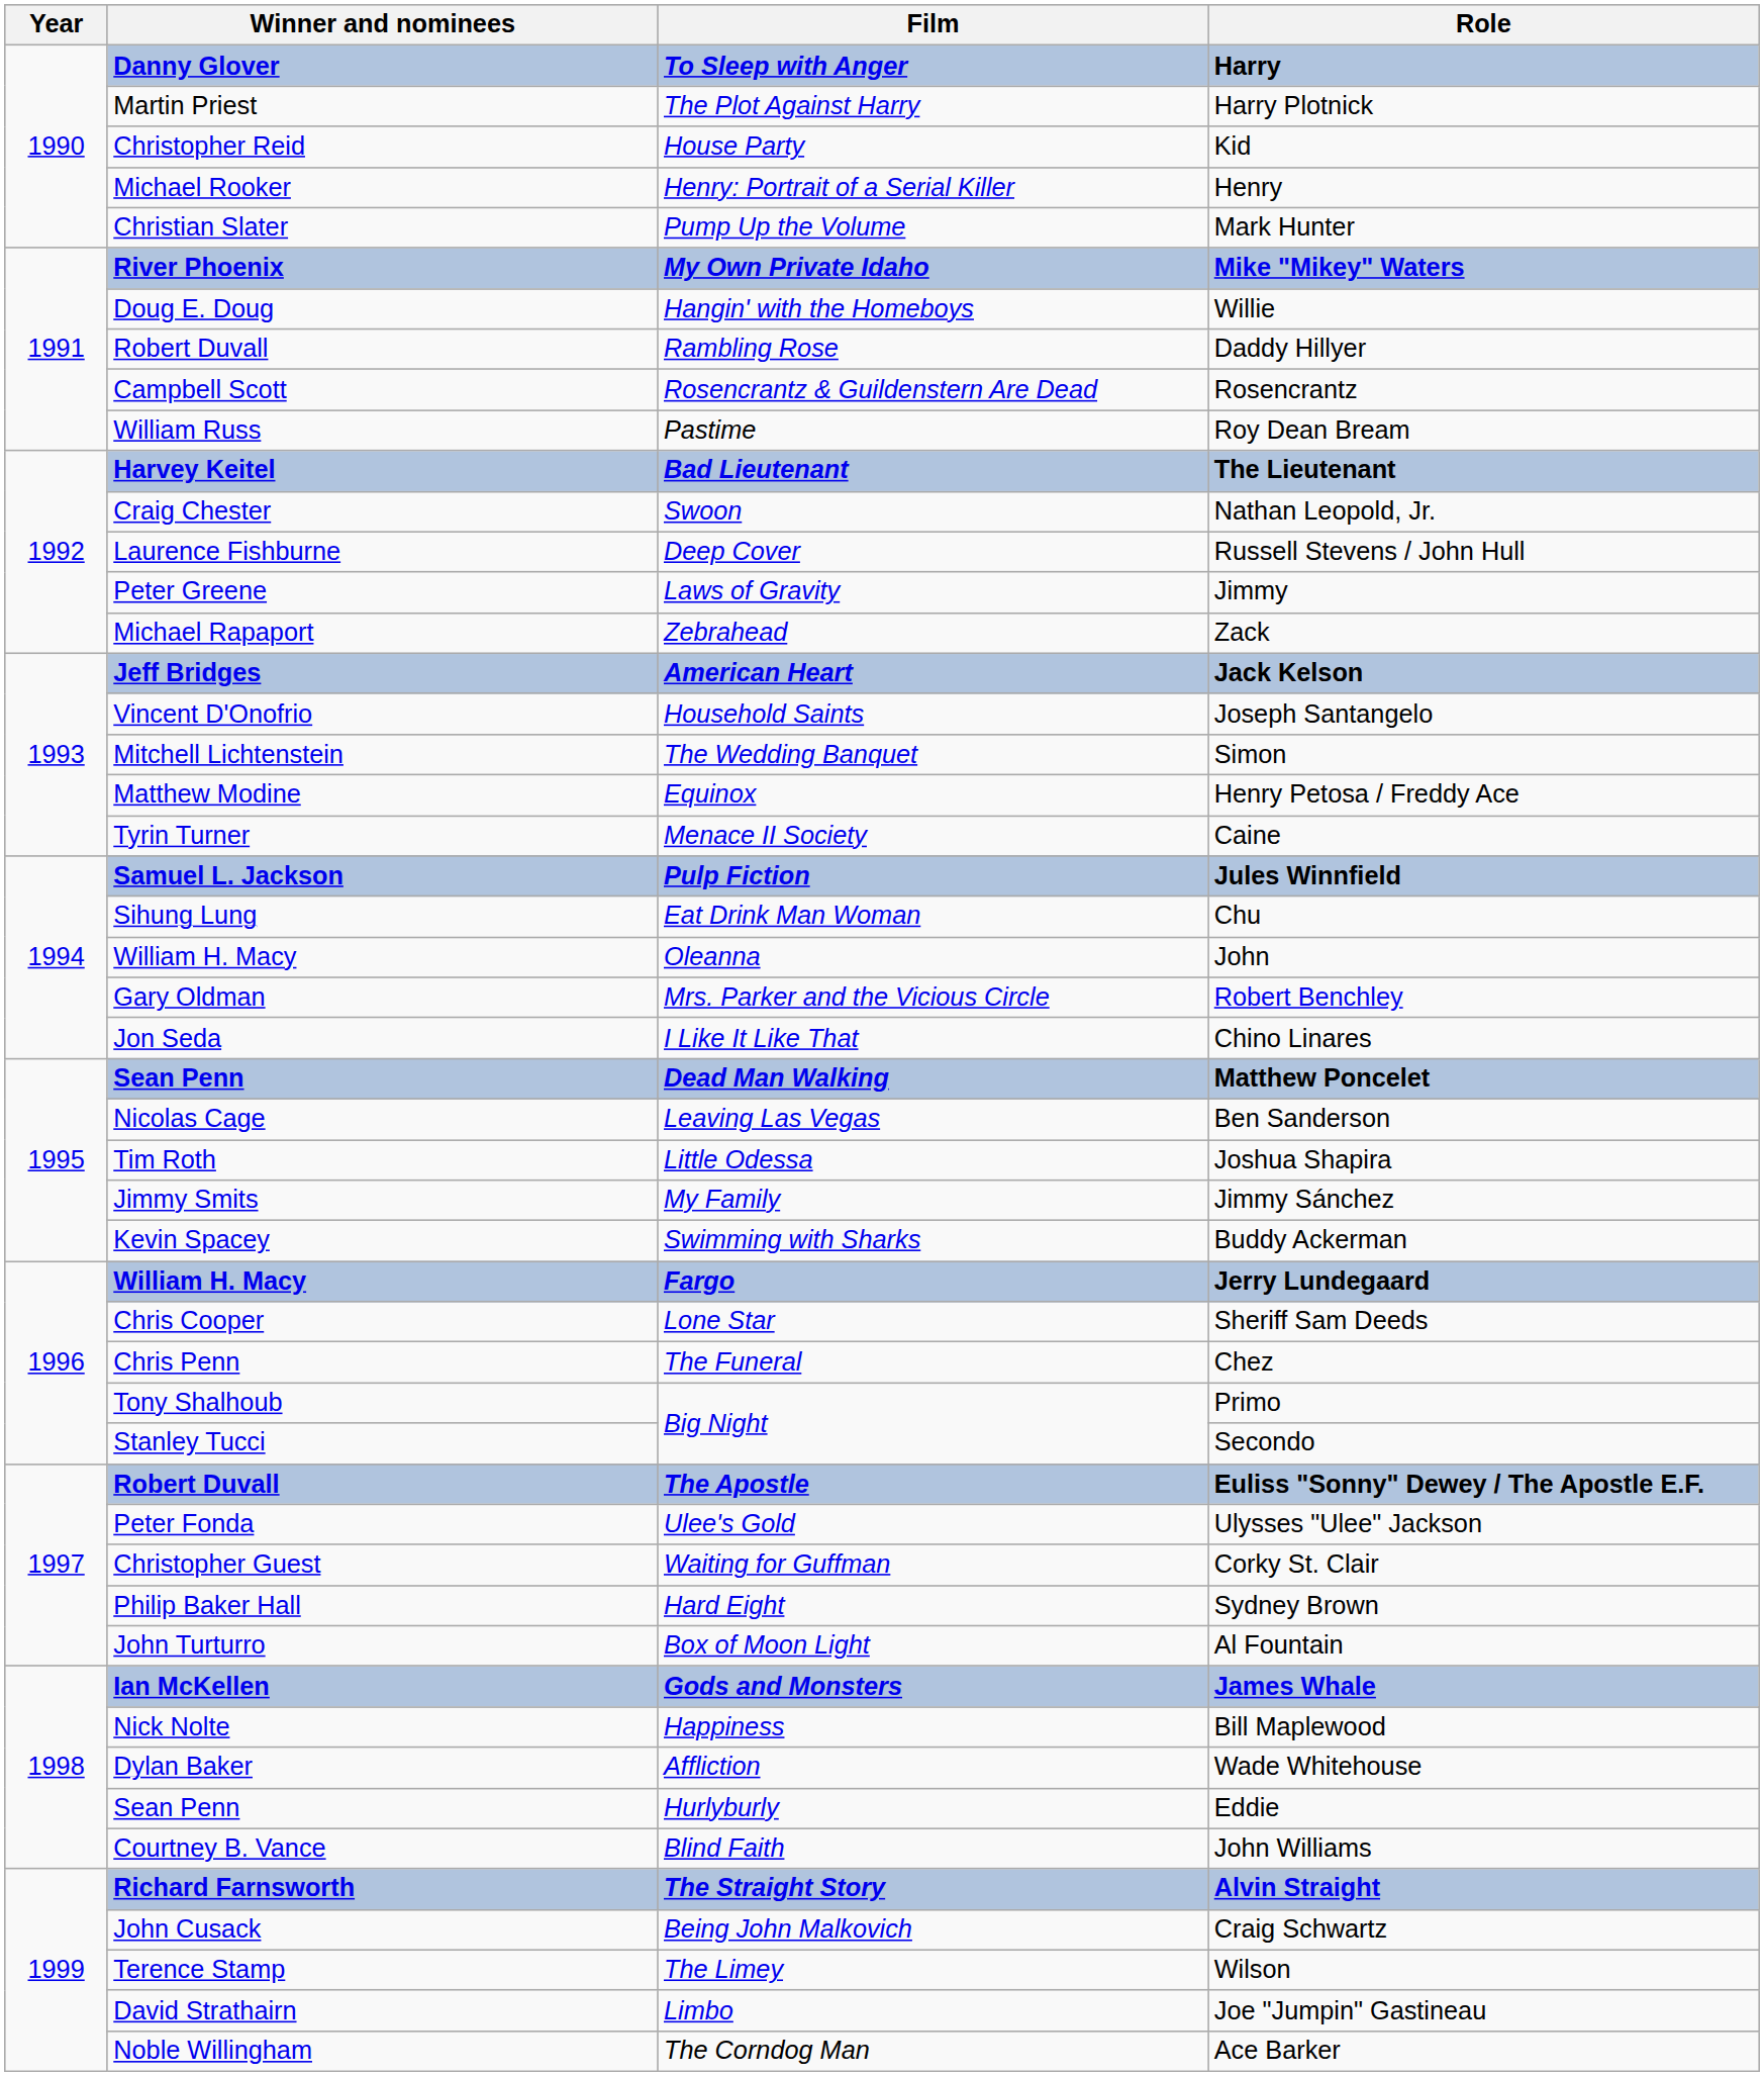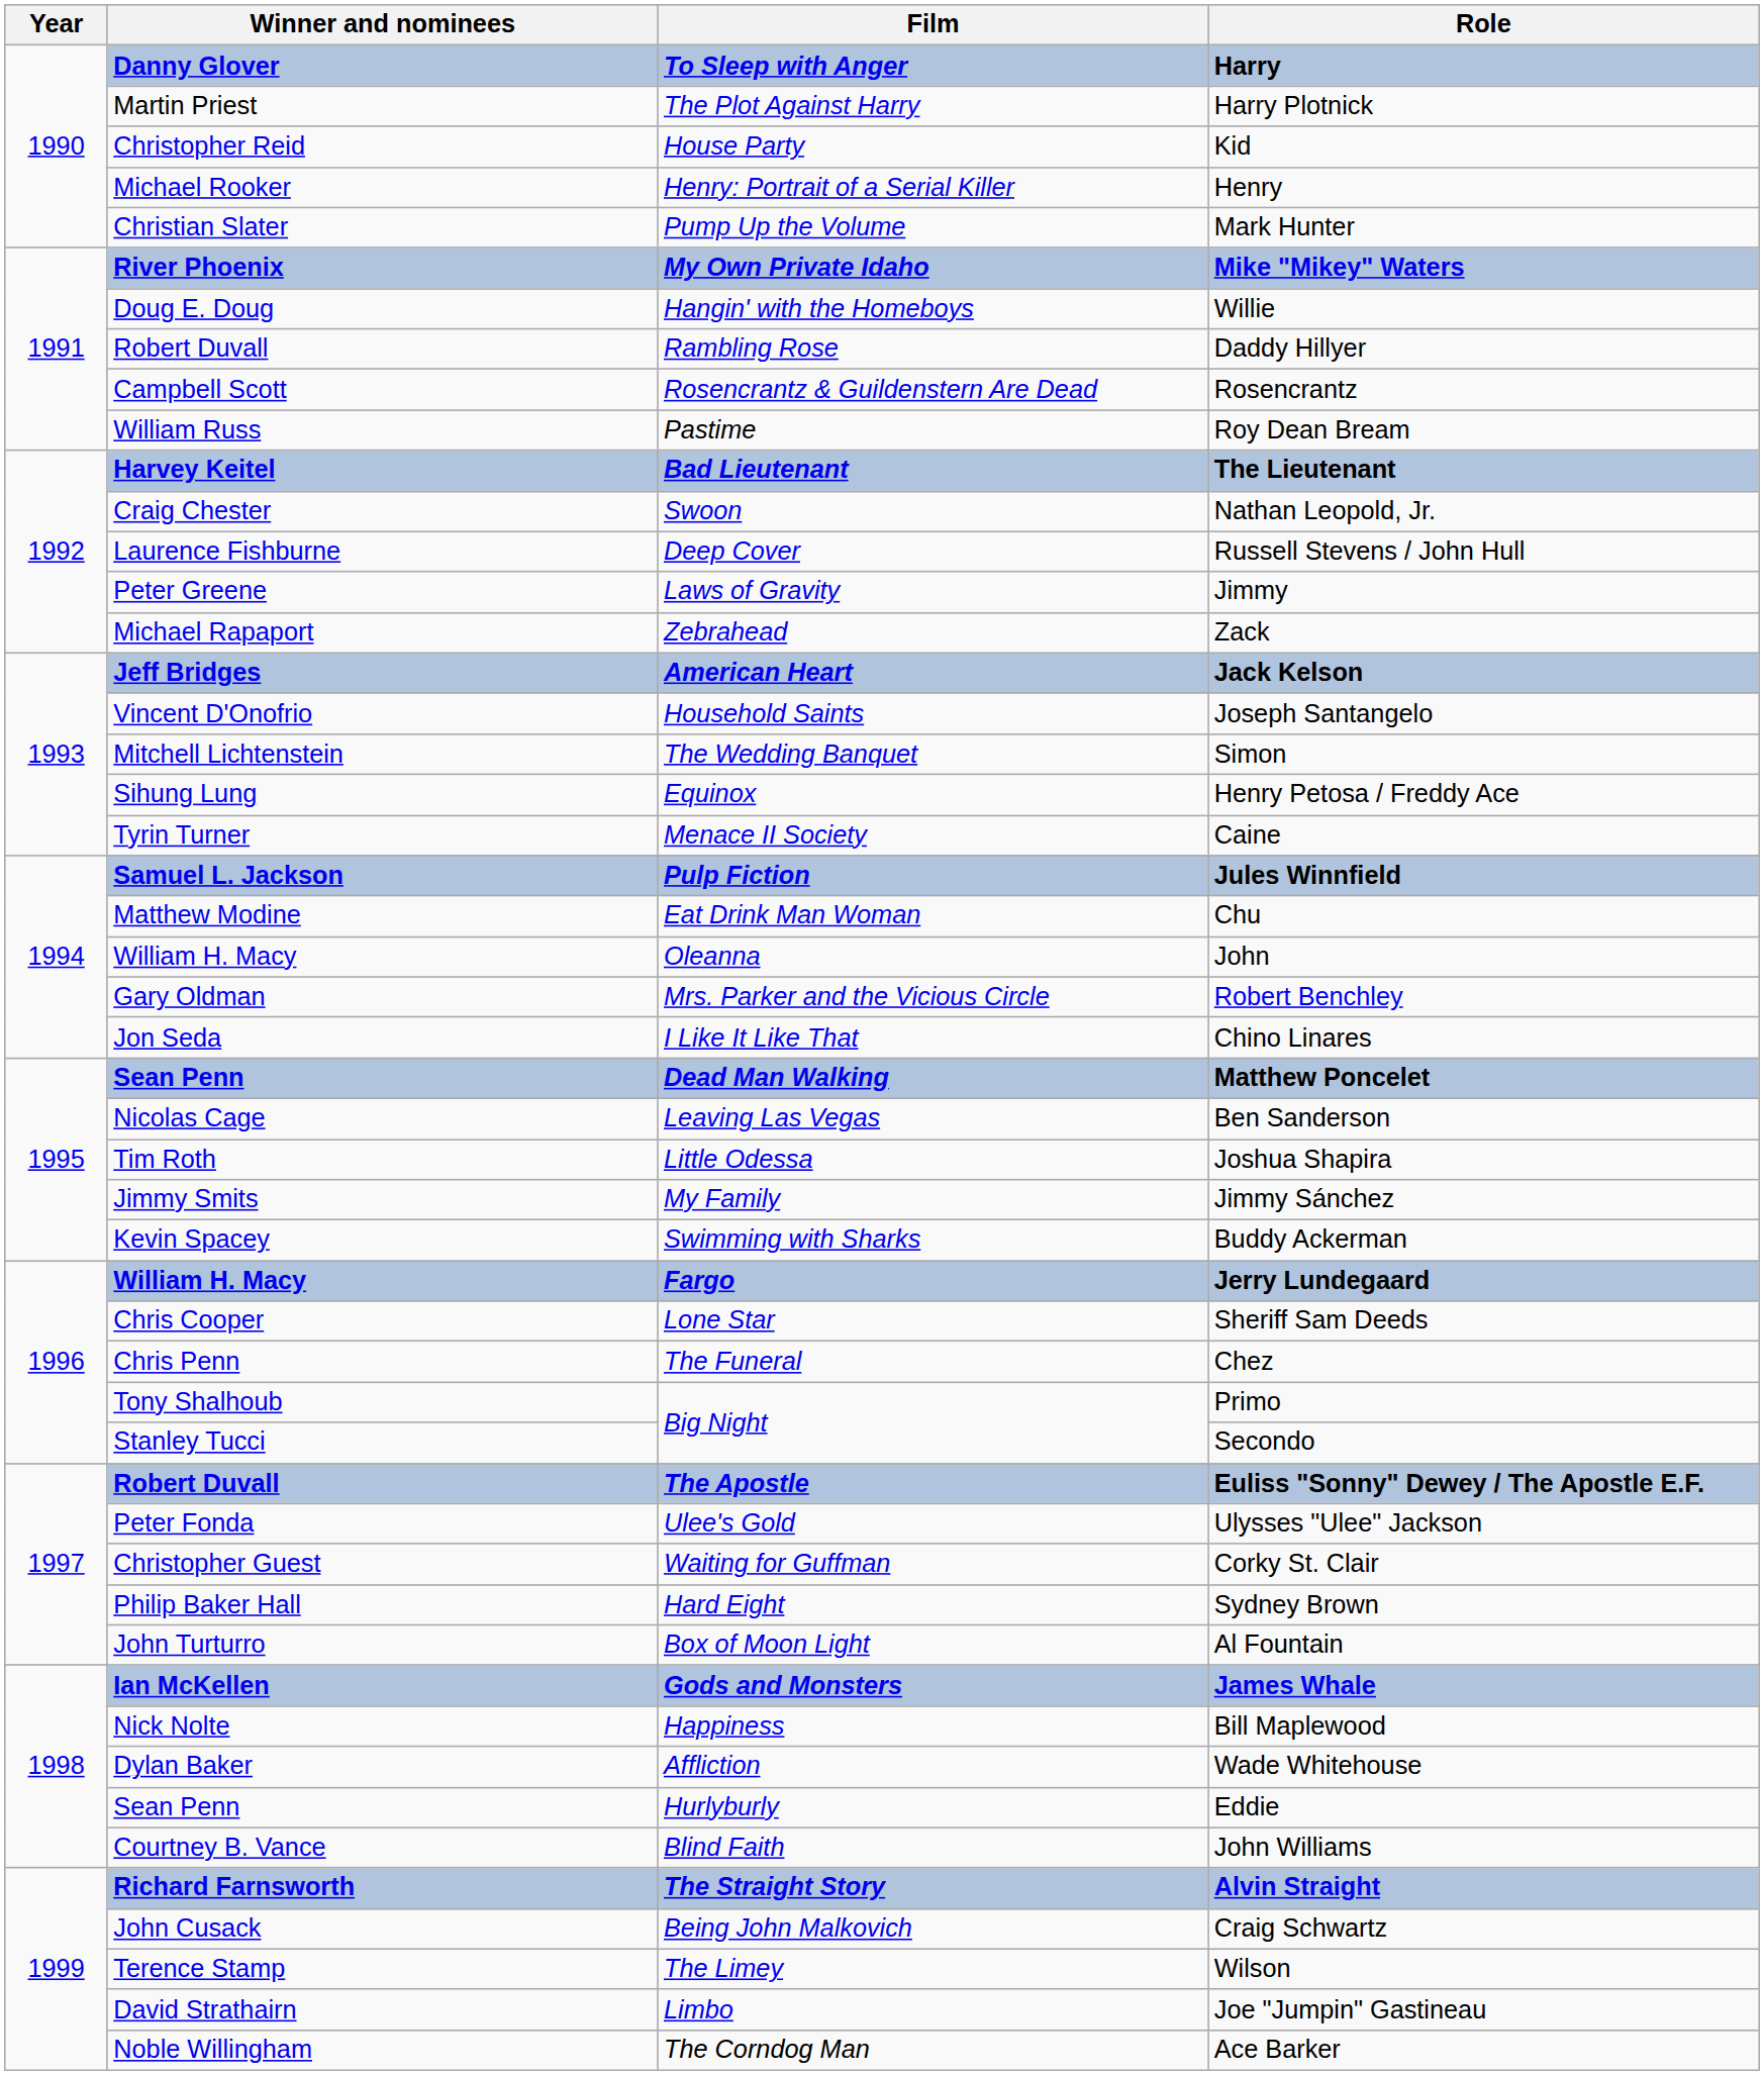 <table class="wikitable" width="87%" cellpadding="5">
 <tr>
 <th width="50"><strong>Year</strong></th>
 <th width="300"><strong>Winner and nominees</strong></th>
 <th width="300"><strong>Film</strong></th>
 <th width="300"><strong>Role</strong></th>
 </tr>
 <tr>
 <td rowspan="5" style="text-align:center;"><a href='#'>1990</a></td>
 <td style="background:#B0C4DE;"><strong><a href='#'>Danny Glover</a></strong></td>
 <td style="background:#B0C4DE;"><strong><em><a href='#'>To Sleep with Anger</a></em></strong></td>
 <td style="background:#B0C4DE;"><strong>Harry</strong></td>
 </tr>
 <tr>
 <td>Martin Priest</td>
 <td><em><a href='#'>The Plot Against Harry</a></em></td>
 <td>Harry Plotnick</td>
 </tr>
 <tr>
 <td><a href='#'>Christopher Reid</a></td>
 <td><em><a href='#'>House Party</a></em></td>
 <td>Kid</td>
 </tr>
 <tr>
 <td><a href='#'>Michael Rooker</a></td>
 <td><em><a href='#'>Henry: Portrait of a Serial Killer</a></em></td>
 <td>Henry</td>
 </tr>
 <tr>
 <td><a href='#'>Christian Slater</a></td>
 <td><em><a href='#'>Pump Up the Volume</a></em></td>
 <td>Mark Hunter</td>
 </tr>
 <tr>
 <td rowspan="5" style="text-align:center;"><a href='#'>1991</a></td>
 <td style="background:#B0C4DE;"><strong><a href='#'>River Phoenix</a></strong></td>
 <td style="background:#B0C4DE;"><strong><em><a href='#'>My Own Private Idaho</a></em></strong></td>
 <td style="background:#B0C4DE;"><strong><a href='#'>Mike "Mikey" Waters</a></strong></td>
 </tr>
 <tr>
 <td><a href='#'>Doug E. Doug</a></td>
 <td><em><a href='#'>Hangin' with the Homeboys</a></em></td>
 <td>Willie</td>
 </tr>
 <tr>
 <td><a href='#'>Robert Duvall</a></td>
 <td><em><a href='#'>Rambling Rose</a></em></td>
 <td>Daddy Hillyer</td>
 </tr>
 <tr>
 <td><a href='#'>Campbell Scott</a></td>
 <td><em><a href='#'>Rosencrantz & Guildenstern Are Dead</a></em></td>
 <td>Rosencrantz</td>
 </tr>
 <tr>
 <td><a href='#'>William Russ</a></td>
 <td><em>Pastime</em></td>
 <td>Roy Dean Bream</td>
 </tr>
 <tr>
 <td rowspan="5" style="text-align:center;"><a href='#'>1992</a></td>
 <td style="background:#B0C4DE;"><strong><a href='#'>Harvey Keitel</a></strong></td>
 <td style="background:#B0C4DE;"><strong><em><a href='#'>Bad Lieutenant</a></em></strong></td>
 <td style="background:#B0C4DE;"><strong>The Lieutenant</strong></td>
 </tr>
 <tr>
 <td><a href='#'>Craig Chester</a></td>
 <td><em><a href='#'>Swoon</a></em></td>
 <td>Nathan Leopold, Jr.</td>
 </tr>
 <tr>
 <td><a href='#'>Laurence Fishburne</a></td>
 <td><em><a href='#'>Deep Cover</a></em></td>
 <td>Russell Stevens / John Hull</td>
 </tr>
 <tr>
 <td><a href='#'>Peter Greene</a></td>
 <td><em><a href='#'>Laws of Gravity</a></em></td>
 <td>Jimmy</td>
 </tr>
 <tr>
 <td><a href='#'>Michael Rapaport</a></td>
 <td><em><a href='#'>Zebrahead</a></em></td>
 <td>Zack</td>
 </tr>
 <tr>
 <td rowspan="5" style="text-align:center;"><a href='#'>1993</a></td>
 <td style="background:#B0C4DE;"><strong><a href='#'>Jeff Bridges</a></strong></td>
 <td style="background:#B0C4DE;"><strong><em><a href='#'>American Heart</a></em></strong></td>
 <td style="background:#B0C4DE;"><strong>Jack Kelson</strong></td>
 </tr>
 <tr>
 <td><a href='#'>Vincent D'Onofrio</a></td>
 <td><em><a href='#'>Household Saints</a></em></td>
 <td>Joseph Santangelo</td>
 </tr>
 <tr>
 <td><a href='#'>Mitchell Lichtenstein</a></td>
 <td><em><a href='#'>The Wedding Banquet</a></em></td>
 <td>Simon</td>
 </tr>
 <tr>
-<td><a href='#'>Matthew Modine</a></td>
+<td><a href='#'>Sihung Lung</a></td>
 <td><em><a href='#'>Equinox</a></em></td>
 <td>Henry Petosa / Freddy Ace</td>
 </tr>
 <tr>
 <td><a href='#'>Tyrin Turner</a></td>
 <td><em><a href='#'>Menace II Society</a></em></td>
 <td>Caine</td>
 </tr>
 <tr>
 <td rowspan="5" style="text-align:center;"><a href='#'>1994</a></td>
 <td style="background:#B0C4DE;"><strong><a href='#'>Samuel L. Jackson</a></strong></td>
 <td style="background:#B0C4DE;"><strong><em><a href='#'>Pulp Fiction</a></em></strong></td>
 <td style="background:#B0C4DE;"><strong>Jules Winnfield</strong></td>
 </tr>
 <tr>
-<td><a href='#'>Sihung Lung</a></td>
+<td><a href='#'>Matthew Modine</a></td>
 <td><em><a href='#'>Eat Drink Man Woman</a></em></td>
 <td>Chu</td>
 </tr>
 <tr>
 <td><a href='#'>William H. Macy</a></td>
 <td><em><a href='#'>Oleanna</a></em></td>
 <td>John</td>
 </tr>
 <tr>
 <td><a href='#'>Gary Oldman</a></td>
 <td><em><a href='#'>Mrs. Parker and the Vicious Circle</a></em></td>
 <td><a href='#'>Robert Benchley</a></td>
 </tr>
 <tr>
 <td><a href='#'>Jon Seda</a></td>
 <td><em><a href='#'>I Like It Like That</a></em></td>
 <td>Chino Linares</td>
 </tr>
 <tr>
 <td rowspan="5" style="text-align:center;"><a href='#'>1995</a></td>
 <td style="background:#B0C4DE;"><strong><a href='#'>Sean Penn</a></strong></td>
 <td style="background:#B0C4DE;"><strong><em><a href='#'>Dead Man Walking</a></em></strong></td>
 <td style="background:#B0C4DE;"><strong>Matthew Poncelet</strong></td>
 </tr>
 <tr>
 <td><a href='#'>Nicolas Cage</a></td>
 <td><em><a href='#'>Leaving Las Vegas</a></em></td>
 <td>Ben Sanderson</td>
 </tr>
 <tr>
 <td><a href='#'>Tim Roth</a></td>
 <td><em><a href='#'>Little Odessa</a></em></td>
 <td>Joshua Shapira</td>
 </tr>
 <tr>
 <td><a href='#'>Jimmy Smits</a></td>
 <td><em><a href='#'>My Family</a></em></td>
 <td>Jimmy Sánchez</td>
 </tr>
 <tr>
 <td><a href='#'>Kevin Spacey</a></td>
 <td><em><a href='#'>Swimming with Sharks</a></em></td>
 <td>Buddy Ackerman</td>
 </tr>
 <tr>
 <td rowspan="5" style="text-align:center;"><a href='#'>1996</a></td>
 <td style="background:#B0C4DE;"><strong><a href='#'>William H. Macy</a></strong></td>
 <td style="background:#B0C4DE;"><strong><em><a href='#'>Fargo</a></em></strong></td>
 <td style="background:#B0C4DE;"><strong>Jerry Lundegaard</strong></td>
 </tr>
 <tr>
 <td><a href='#'>Chris Cooper</a></td>
 <td><em><a href='#'>Lone Star</a></em></td>
 <td>Sheriff Sam Deeds</td>
 </tr>
 <tr>
 <td><a href='#'>Chris Penn</a></td>
 <td><em><a href='#'>The Funeral</a></em></td>
 <td>Chez</td>
 </tr>
 <tr>
 <td><a href='#'>Tony Shalhoub</a></td>
 <td rowspan=2><em><a href='#'>Big Night</a></em></td>
 <td>Primo</td>
 </tr>
 <tr>
 <td><a href='#'>Stanley Tucci</a></td>
 <td>Secondo</td>
 </tr>
 <tr>
 <td rowspan="5" style="text-align:center;"><a href='#'>1997</a></td>
 <td style="background:#B0C4DE;"><strong><a href='#'>Robert Duvall</a></strong></td>
 <td style="background:#B0C4DE;"><strong><em><a href='#'>The Apostle</a></em></strong></td>
 <td style="background:#B0C4DE;"><strong>Euliss "Sonny" Dewey / The Apostle E.F.</strong></td>
 </tr>
 <tr>
 <td><a href='#'>Peter Fonda</a></td>
 <td><em><a href='#'>Ulee's Gold</a></em></td>
 <td>Ulysses "Ulee" Jackson</td>
 </tr>
 <tr>
 <td><a href='#'>Christopher Guest</a></td>
 <td><em><a href='#'>Waiting for Guffman</a></em></td>
 <td>Corky St. Clair</td>
 </tr>
 <tr>
 <td><a href='#'>Philip Baker Hall</a></td>
 <td><em><a href='#'>Hard Eight</a></em></td>
 <td>Sydney Brown</td>
 </tr>
 <tr>
 <td><a href='#'>John Turturro</a></td>
 <td><em><a href='#'>Box of Moon Light</a></em></td>
 <td>Al Fountain</td>
 </tr>
 <tr>
 <td rowspan="5" style="text-align:center;"><a href='#'>1998</a></td>
 <td style="background:#B0C4DE;"><strong><a href='#'>Ian McKellen</a></strong></td>
 <td style="background:#B0C4DE;"><strong><em><a href='#'>Gods and Monsters</a></em></strong></td>
 <td style="background:#B0C4DE;"><strong><a href='#'>James Whale</a></strong></td>
 </tr>
 <tr>
 <td><a href='#'>Nick Nolte</a></td>
 <td><em><a href='#'>Happiness</a></em></td>
 <td>Bill Maplewood</td>
 </tr>
 <tr>
 <td><a href='#'>Dylan Baker</a></td>
 <td><em><a href='#'>Affliction</a></em></td>
 <td>Wade Whitehouse</td>
 </tr>
 <tr>
 <td><a href='#'>Sean Penn</a></td>
 <td><em><a href='#'>Hurlyburly</a></em></td>
 <td>Eddie</td>
 </tr>
 <tr>
 <td><a href='#'>Courtney B. Vance</a></td>
 <td><em><a href='#'>Blind Faith</a></em></td>
 <td>John Williams</td>
 </tr>
 <tr>
 <td rowspan="5" style="text-align:center;"><a href='#'>1999</a></td>
 <td style="background:#B0C4DE;"><strong><a href='#'>Richard Farnsworth</a></strong></td>
 <td style="background:#B0C4DE;"><strong><em><a href='#'>The Straight Story</a></em></strong></td>
 <td style="background:#B0C4DE;"><strong><a href='#'>Alvin Straight</a></strong></td>
 </tr>
 <tr>
 <td><a href='#'>John Cusack</a></td>
 <td><em><a href='#'>Being John Malkovich</a></em></td>
 <td>Craig Schwartz</td>
 </tr>
 <tr>
 <td><a href='#'>Terence Stamp</a></td>
 <td><em><a href='#'>The Limey</a></em></td>
 <td>Wilson</td>
 </tr>
 <tr>
 <td><a href='#'>David Strathairn</a></td>
 <td><em><a href='#'>Limbo</a></em></td>
 <td>Joe "Jumpin" Gastineau</td>
 </tr>
 <tr>
 <td><a href='#'>Noble Willingham</a></td>
 <td><em>The Corndog Man</em></td>
 <td>Ace Barker</td>
 </tr>
 </table>
